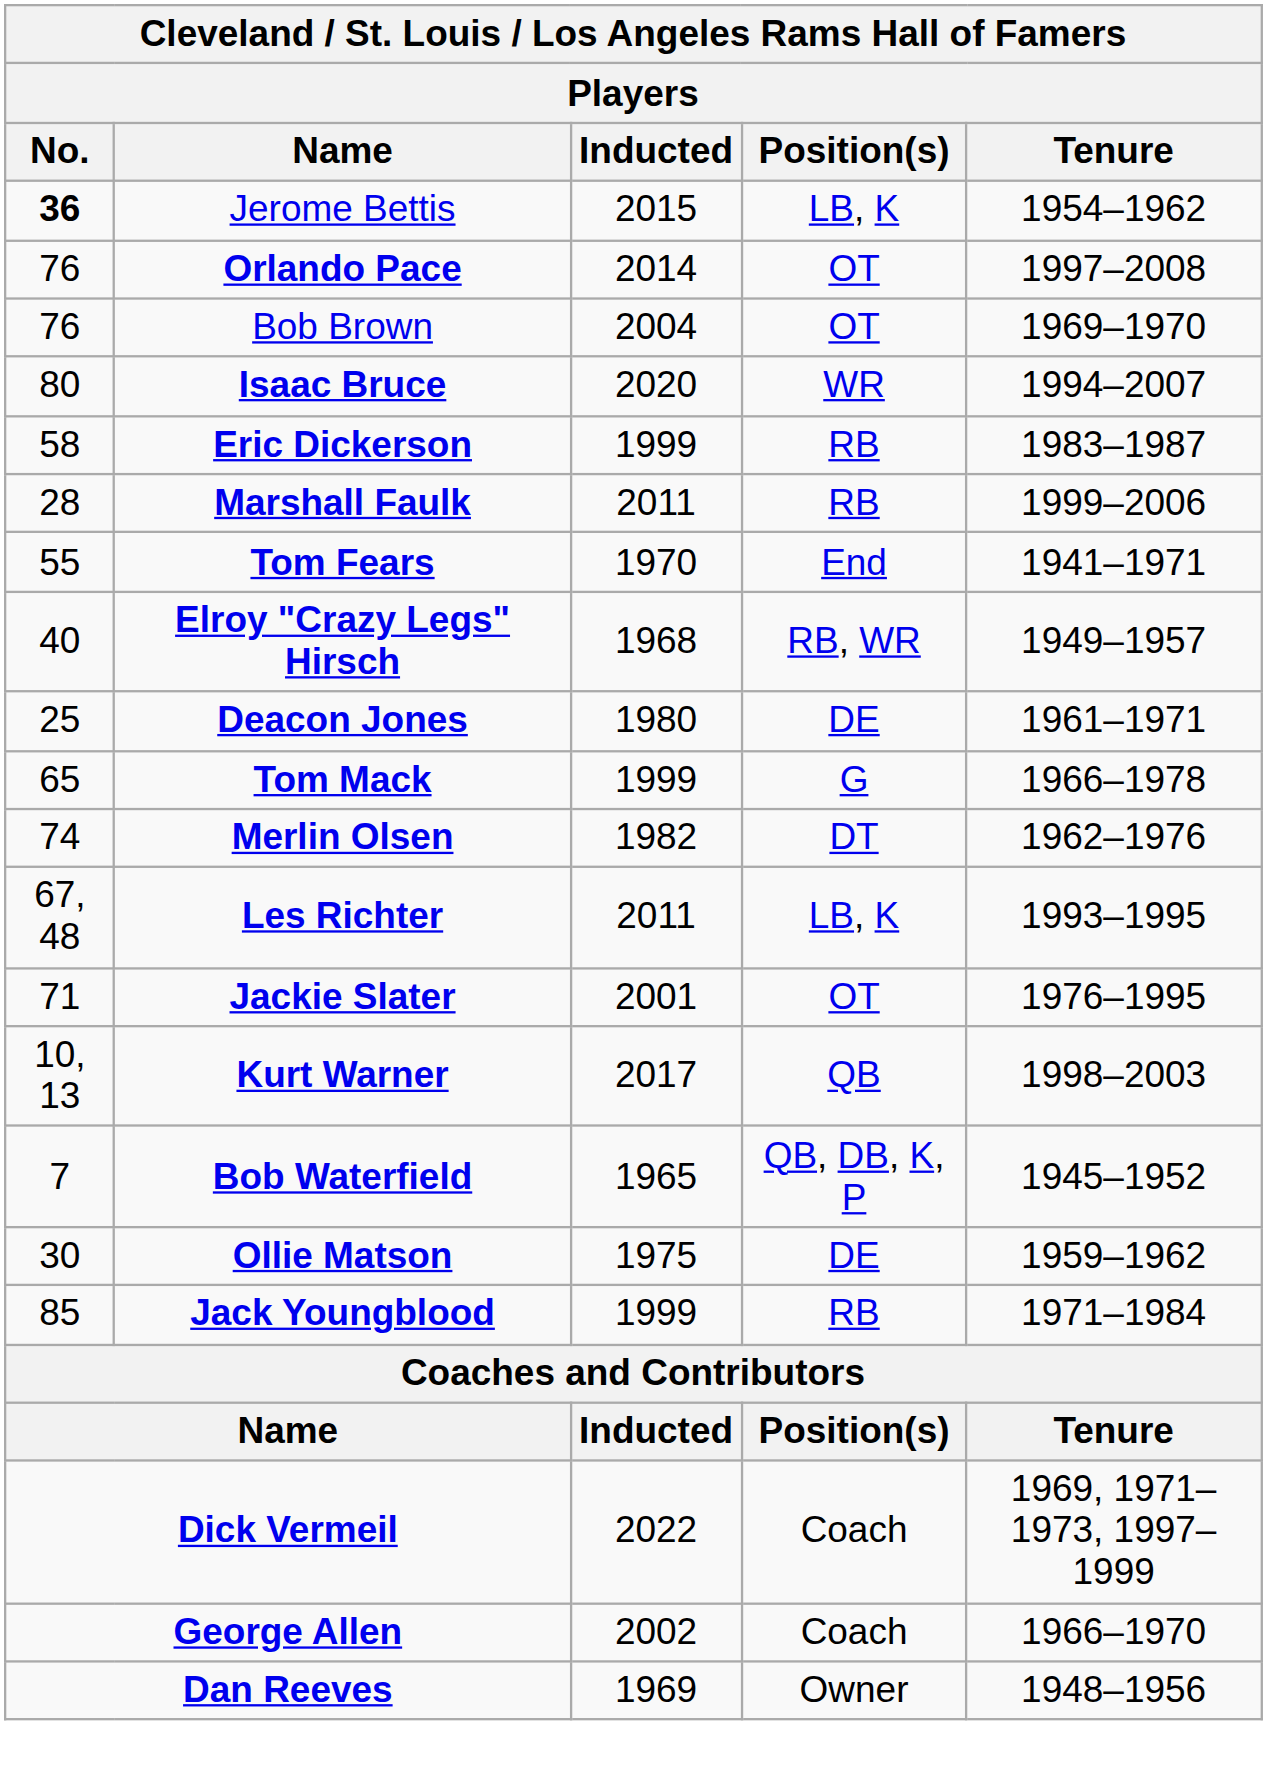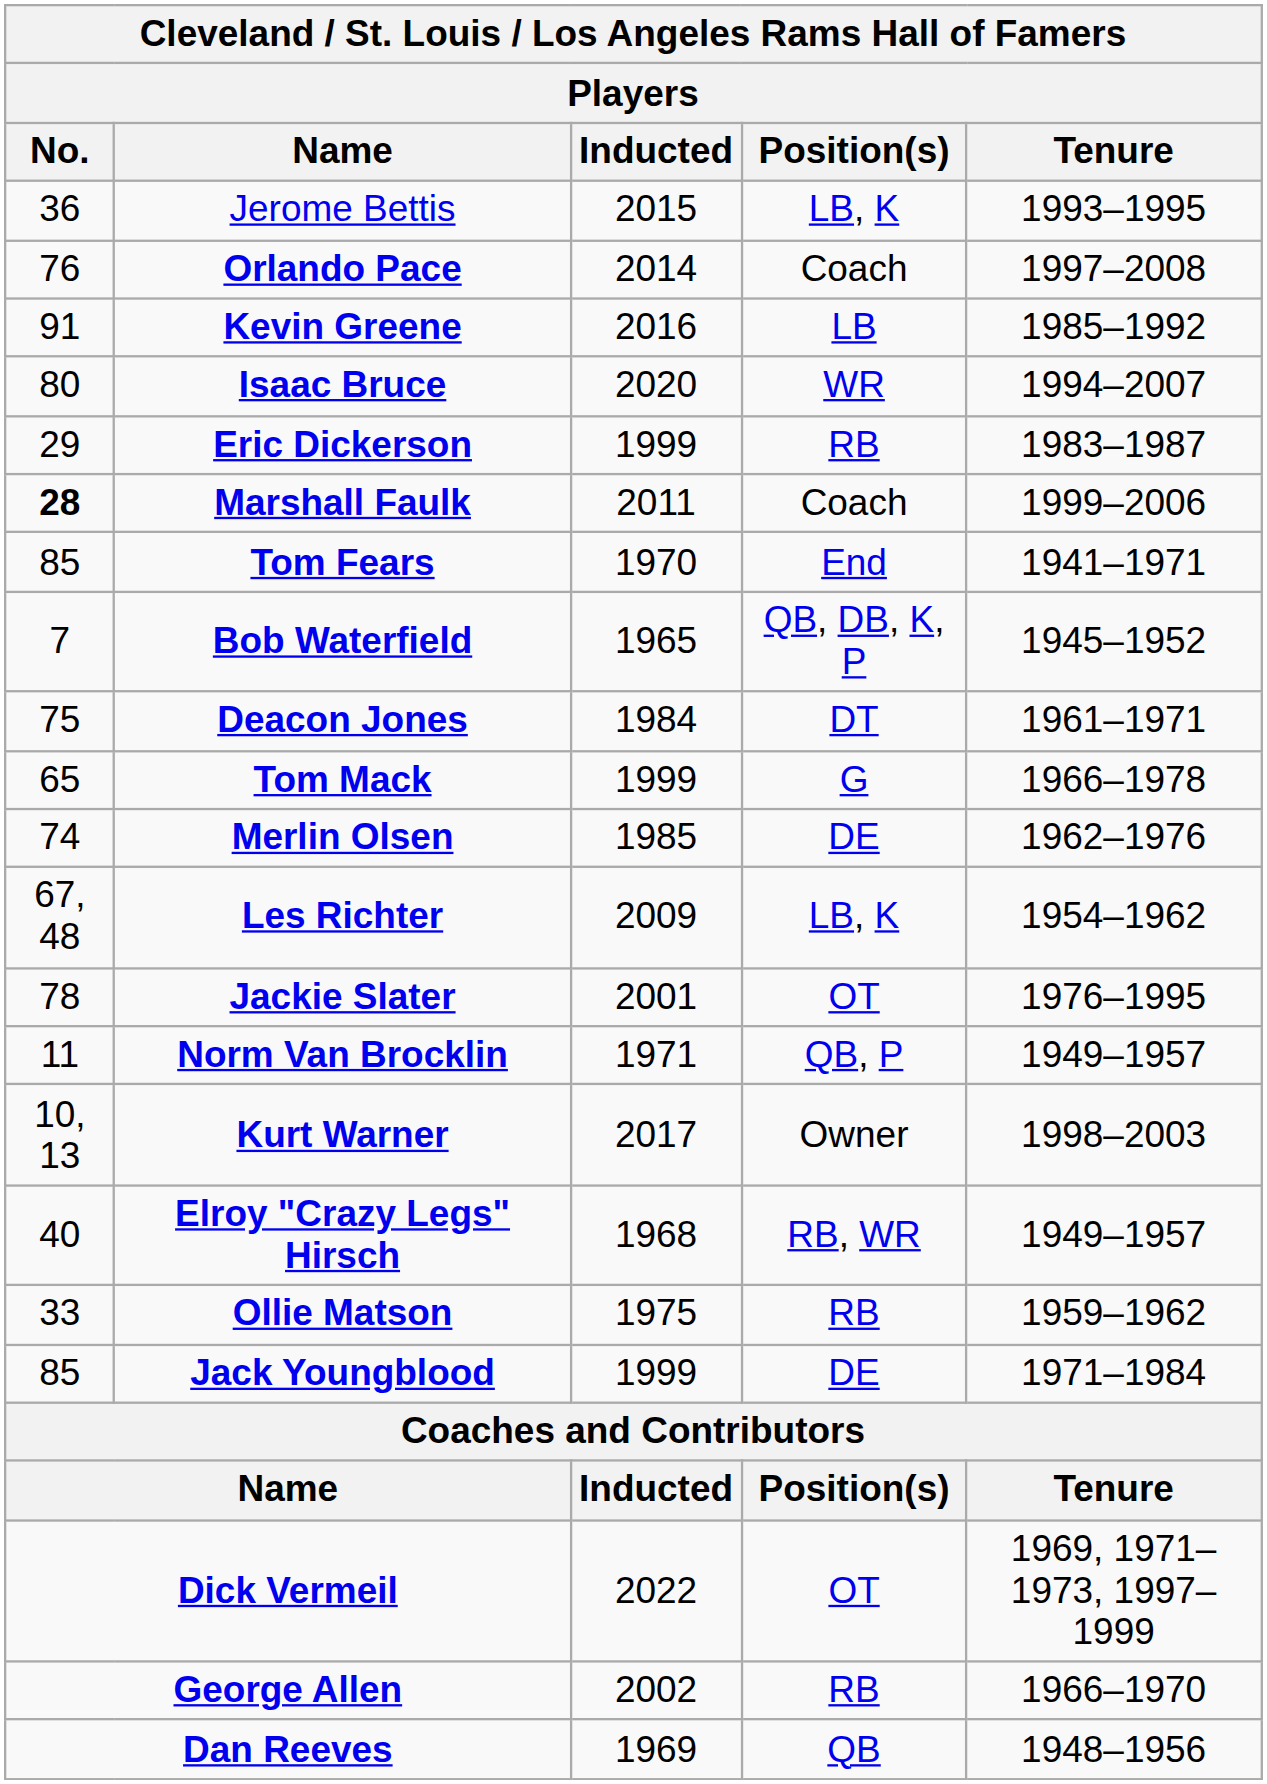 <table class="wikitable" style="text-align:center;">
 <tr>
 <th colspan="5">Cleveland / St. Louis / Los Angeles Rams Hall of Famers</th>
 </tr>
 <tr>
 <th colspan="5">Players</th>
 </tr>
 <tr>
 <th style="width:40px;">No.</th>
 <th style="width:190px;">Name</th>
 <th style="width:30px;">Inducted</th>
 <th style="width:90px;">Position(s)</th>
 <th style="width:120px;">Tenure</th>
 </tr>
 <tr>
-<td><strong>36</strong></td>
+<td>36</td>
 <td><a href='#'>Jerome Bettis</a></td>
 <td>2015</td>
 <td><a href='#'>LB</a>, <a href='#'>K</a></td>
-<td>1954–1962</td>
+<td>1993–1995</td>
 </tr>
 <tr>
 <td>76</td>
 <td><strong><a href='#'>Orlando Pace</a></strong></td>
 <td>2014</td>
-<td><a href='#'>OT</a></td>
+<td>Coach</td>
 <td>1997–2008</td>
 </tr>
 <tr>
-<td>76</td>
-<td><a href='#'>Bob Brown</a></td>
-<td>2004</td>
-<td><a href='#'>OT</a></td>
-<td>1969–1970</td>
+<td>91</td>
+<td><strong><a href='#'>Kevin Greene</a></strong></td>
+<td>2016</td>
+<td><a href='#'>LB</a></td>
+<td>1985–1992</td>
 </tr>
 <tr>
 <td>80</td>
 <td><strong><a href='#'>Isaac Bruce</a></strong></td>
 <td>2020</td>
 <td><a href='#'>WR</a></td>
 <td>1994–2007</td>
 </tr>
 <tr>
-<td>58</td>
+<td>29</td>
 <td><strong><a href='#'>Eric Dickerson</a></strong></td>
 <td>1999</td>
 <td><a href='#'>RB</a></td>
 <td>1983–1987</td>
 </tr>
 <tr>
-<td>28</td>
+<td><strong>28</strong></td>
 <td><strong><a href='#'>Marshall Faulk</a></strong></td>
 <td>2011</td>
-<td><a href='#'>RB</a></td>
+<td>Coach</td>
 <td>1999–2006</td>
 </tr>
 <tr>
-<td>55</td>
+<td>85</td>
 <td><strong><a href='#'>Tom Fears</a></strong></td>
 <td>1970</td>
 <td><a href='#'>End</a></td>
 <td>1941–1971</td>
 </tr>
 <tr>
-<td>40</td>
-<td><strong><a href='#'>Elroy "Crazy Legs" Hirsch</a></strong></td>
-<td>1968</td>
-<td><a href='#'>RB</a>, <a href='#'>WR</a></td>
-<td>1949–1957</td>
+<td>7</td>
+<td><strong><a href='#'>Bob Waterfield</a></strong></td>
+<td>1965</td>
+<td><a href='#'>QB</a>, <a href='#'>DB</a>, <a href='#'>K</a>, <a href='#'>P</a></td>
+<td>1945–1952</td>
 </tr>
 <tr>
-<td>25</td>
+<td>75</td>
 <td><strong><a href='#'>Deacon Jones</a></strong></td>
-<td>1980</td>
-<td><a href='#'>DE</a></td>
+<td>1984</td>
+<td><a href='#'>DT</a></td>
 <td>1961–1971</td>
 </tr>
 <tr>
 <td>65</td>
 <td><strong><a href='#'>Tom Mack</a></strong></td>
 <td>1999</td>
 <td><a href='#'>G</a></td>
 <td>1966–1978</td>
 </tr>
 <tr>
 <td>74</td>
 <td><strong><a href='#'>Merlin Olsen</a></strong></td>
-<td>1982</td>
-<td><a href='#'>DT</a></td>
+<td>1985</td>
+<td><a href='#'>DE</a></td>
 <td>1962–1976</td>
 </tr>
 <tr>
 <td>67, 48</td>
 <td><strong><a href='#'>Les Richter</a></strong></td>
-<td>2011</td>
+<td>2009</td>
 <td><a href='#'>LB</a>, <a href='#'>K</a></td>
-<td>1993–1995</td>
+<td>1954–1962</td>
 </tr>
 <tr>
-<td>71</td>
+<td>78</td>
 <td><strong><a href='#'>Jackie Slater</a></strong></td>
 <td>2001</td>
 <td><a href='#'>OT</a></td>
 <td>1976–1995</td>
 </tr>
 <tr>
+<td>11</td>
+<td><strong><a href='#'>Norm Van Brocklin</a></strong></td>
+<td>1971</td>
+<td><a href='#'>QB</a>, <a href='#'>P</a></td>
+<td>1949–1957</td>
+</tr>
+<tr>
 <td>10, 13</td>
 <td><strong><a href='#'>Kurt Warner</a></strong></td>
 <td>2017</td>
-<td><a href='#'>QB</a></td>
+<td>Owner</td>
 <td>1998–2003</td>
 </tr>
 <tr>
-<td>7</td>
-<td><strong><a href='#'>Bob Waterfield</a></strong></td>
-<td>1965</td>
-<td><a href='#'>QB</a>, <a href='#'>DB</a>, <a href='#'>K</a>, <a href='#'>P</a></td>
-<td>1945–1952</td>
+<td>40</td>
+<td><strong><a href='#'>Elroy "Crazy Legs" Hirsch</a></strong></td>
+<td>1968</td>
+<td><a href='#'>RB</a>, <a href='#'>WR</a></td>
+<td>1949–1957</td>
 </tr>
 <tr>
-<td>30</td>
+<td>33</td>
 <td><strong><a href='#'>Ollie Matson</a></strong></td>
 <td>1975</td>
-<td><a href='#'>DE</a></td>
+<td><a href='#'>RB</a></td>
 <td>1959–1962</td>
 </tr>
 <tr>
 <td>85</td>
 <td><strong><a href='#'>Jack Youngblood</a></strong></td>
 <td>1999</td>
-<td><a href='#'>RB</a></td>
+<td><a href='#'>DE</a></td>
 <td>1971–1984</td>
 </tr>
 <tr>
 <th colspan="5">Coaches and Contributors</th>
 </tr>
 <tr>
 <th style="width:150px;" colspan=2>Name</th>
 <th style="width:30px;">Inducted</th>
 <th style="width:40px;">Position(s)</th>
 <th style="width:90px;">Tenure</th>
 </tr>
 <tr>
 <td colspan=2><strong><a href='#'>Dick Vermeil</a></strong></td>
 <td>2022</td>
-<td>Coach</td>
+<td><a href='#'>OT</a></td>
 <td>1969, 1971–1973, 1997–1999</td>
 </tr>
 <tr>
 <td colspan=2><strong><a href='#'>George Allen</a></strong></td>
 <td>2002</td>
-<td>Coach</td>
+<td><a href='#'>RB</a></td>
 <td>1966–1970</td>
 </tr>
 <tr>
 <td colspan=2><strong><a href='#'>Dan Reeves</a></strong></td>
 <td>1969</td>
-<td>Owner</td>
+<td><a href='#'>QB</a></td>
 <td>1948–1956</td>
 </tr>
 </table>
